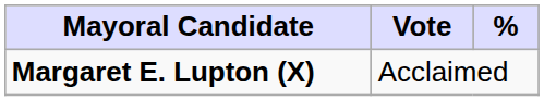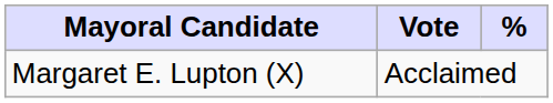 <table class="wikitable">
 <tr>
 <th style="background:#ddf; width:200px;">Mayoral Candidate </th>
 <th style="background:#ddf; width:50px;">Vote</th>
 <th style="background:#ddf; width:30px;">%</th>
 </tr>
 <tr>
-<td><strong>Margaret E. Lupton (X)</strong></td>
+<td>Margaret E. Lupton (X)</td>
 <td colspan="2">Acclaimed</td>
 </tr>
 </table>
